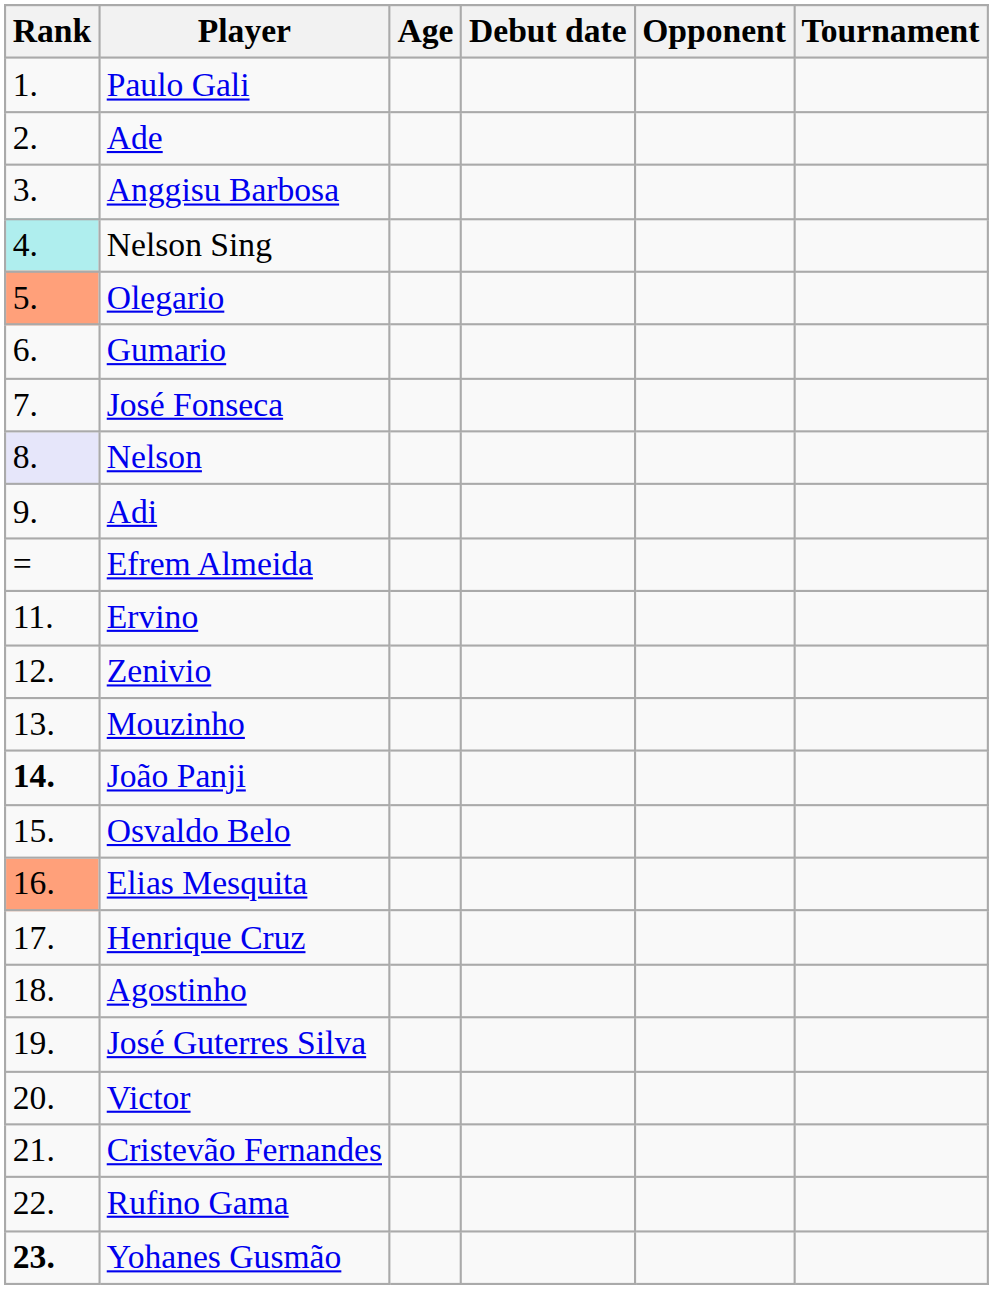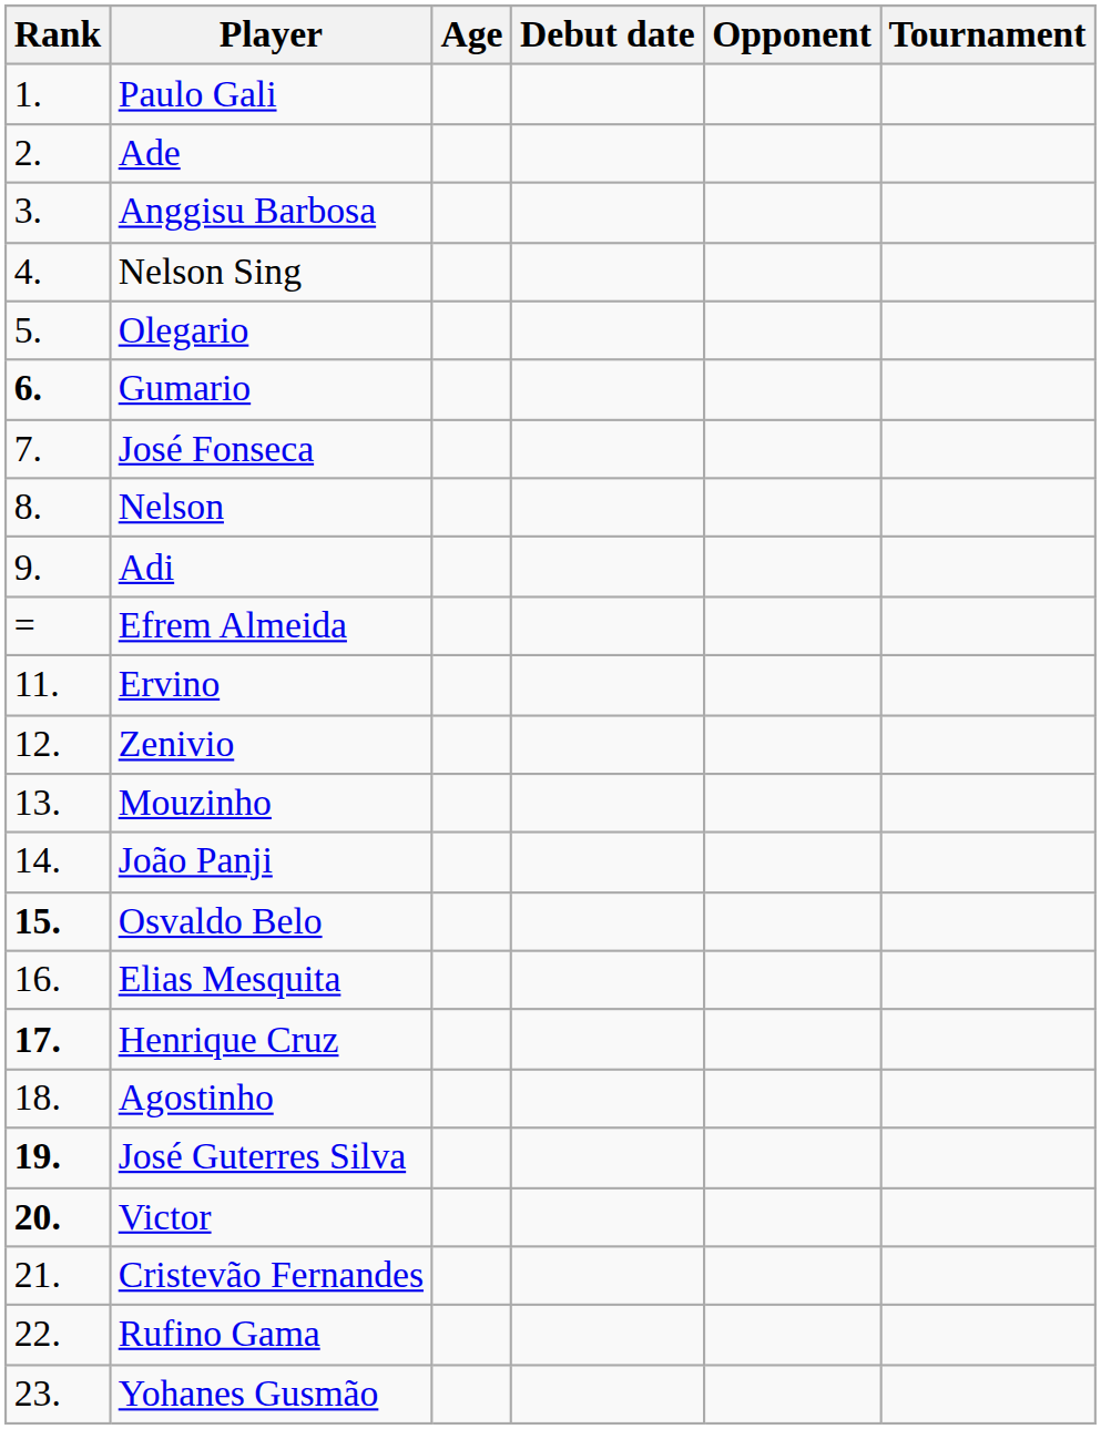 <table class="wikitable">
 <tr>
 </tr>
 <tr>
 <th>Rank</th>
 <th>Player</th>
 <th>Age</th>
 <th>Debut date</th>
 <th>Opponent</th>
 <th>Tournament</th>
 </tr>
 <tr>
 <td>1.</td>
 <td><a href='#'>Paulo Gali</a></td>
 <td></td>
 <td></td>
 <td></td>
 <td></td>
 </tr>
 <tr>
 <td>2.</td>
 <td><a href='#'>Ade</a></td>
 <td></td>
 <td></td>
 <td></td>
 <td></td>
 </tr>
 <tr>
 <td>3.</td>
 <td><a href='#'>Anggisu Barbosa</a></td>
 <td></td>
 <td></td>
 <td></td>
 <td></td>
 </tr>
 <tr>
-<td style="background: paleturquoise;">4.</td>
+<td>4.</td>
 <td>Nelson Sing</td>
 <td></td>
 <td></td>
 <td></td>
 <td></td>
 </tr>
 <tr>
-<td style="background: lightsalmon;">5.</td>
+<td>5.</td>
 <td><a href='#'>Olegario</a></td>
 <td></td>
 <td></td>
 <td></td>
 <td></td>
 </tr>
 <tr>
-<td>6.</td>
+<td><strong>6.</strong></td>
 <td><a href='#'>Gumario</a></td>
 <td></td>
 <td></td>
 <td></td>
 <td></td>
 </tr>
 <tr>
 <td>7.</td>
 <td><a href='#'>José Fonseca</a></td>
 <td></td>
 <td></td>
 <td></td>
 <td></td>
 </tr>
 <tr>
-<td style="background: lavender;">8.</td>
+<td>8.</td>
 <td><a href='#'>Nelson</a></td>
 <td></td>
 <td></td>
 <td></td>
 <td></td>
 </tr>
 <tr>
 <td>9.</td>
 <td><a href='#'>Adi</a></td>
 <td></td>
 <td></td>
 <td></td>
 <td></td>
 </tr>
 <tr>
 <td>=</td>
 <td><a href='#'>Efrem Almeida</a></td>
 <td></td>
 <td></td>
 <td></td>
 <td></td>
 </tr>
 <tr>
 <td>11.</td>
 <td><a href='#'>Ervino</a></td>
 <td></td>
 <td></td>
 <td></td>
 <td></td>
 </tr>
 <tr>
 <td>12.</td>
 <td><a href='#'>Zenivio</a></td>
 <td></td>
 <td></td>
 <td></td>
 <td></td>
 </tr>
 <tr>
 <td>13.</td>
 <td><a href='#'>Mouzinho</a></td>
 <td></td>
 <td></td>
 <td></td>
 <td></td>
 </tr>
 <tr>
-<td><strong>14.</strong></td>
+<td>14.</td>
 <td><a href='#'>João Panji</a></td>
 <td></td>
 <td></td>
 <td></td>
 <td></td>
 </tr>
 <tr>
-<td>15.</td>
+<td><strong>15.</strong></td>
 <td><a href='#'>Osvaldo Belo</a></td>
 <td></td>
 <td></td>
 <td></td>
 <td></td>
 </tr>
 <tr>
-<td style="background: lightsalmon;">16.</td>
+<td>16.</td>
 <td><a href='#'>Elias Mesquita</a></td>
 <td></td>
 <td></td>
 <td></td>
 <td></td>
 </tr>
 <tr>
-<td>17.</td>
+<td><strong>17.</strong></td>
 <td><a href='#'>Henrique Cruz</a></td>
 <td></td>
 <td></td>
 <td></td>
 <td></td>
 </tr>
 <tr>
 <td>18.</td>
 <td><a href='#'>Agostinho</a></td>
 <td></td>
 <td></td>
 <td></td>
 <td></td>
 </tr>
 <tr>
-<td>19.</td>
+<td><strong>19.</strong></td>
 <td><a href='#'>José Guterres Silva</a></td>
 <td></td>
 <td></td>
 <td></td>
 <td></td>
 </tr>
 <tr>
-<td>20.</td>
+<td><strong>20.</strong></td>
 <td><a href='#'>Victor</a></td>
 <td></td>
 <td></td>
 <td></td>
 <td></td>
 </tr>
 <tr>
 <td>21.</td>
 <td><a href='#'>Cristevão Fernandes</a></td>
 <td></td>
 <td></td>
 <td></td>
 <td></td>
 </tr>
 <tr>
 <td>22.</td>
 <td><a href='#'>Rufino Gama</a></td>
 <td></td>
 <td></td>
 <td></td>
 <td></td>
 </tr>
 <tr>
-<td><strong>23.</strong></td>
+<td>23.</td>
 <td><a href='#'>Yohanes Gusmão</a></td>
 <td></td>
 <td></td>
 <td></td>
 <td></td>
 </tr>
 </table>
